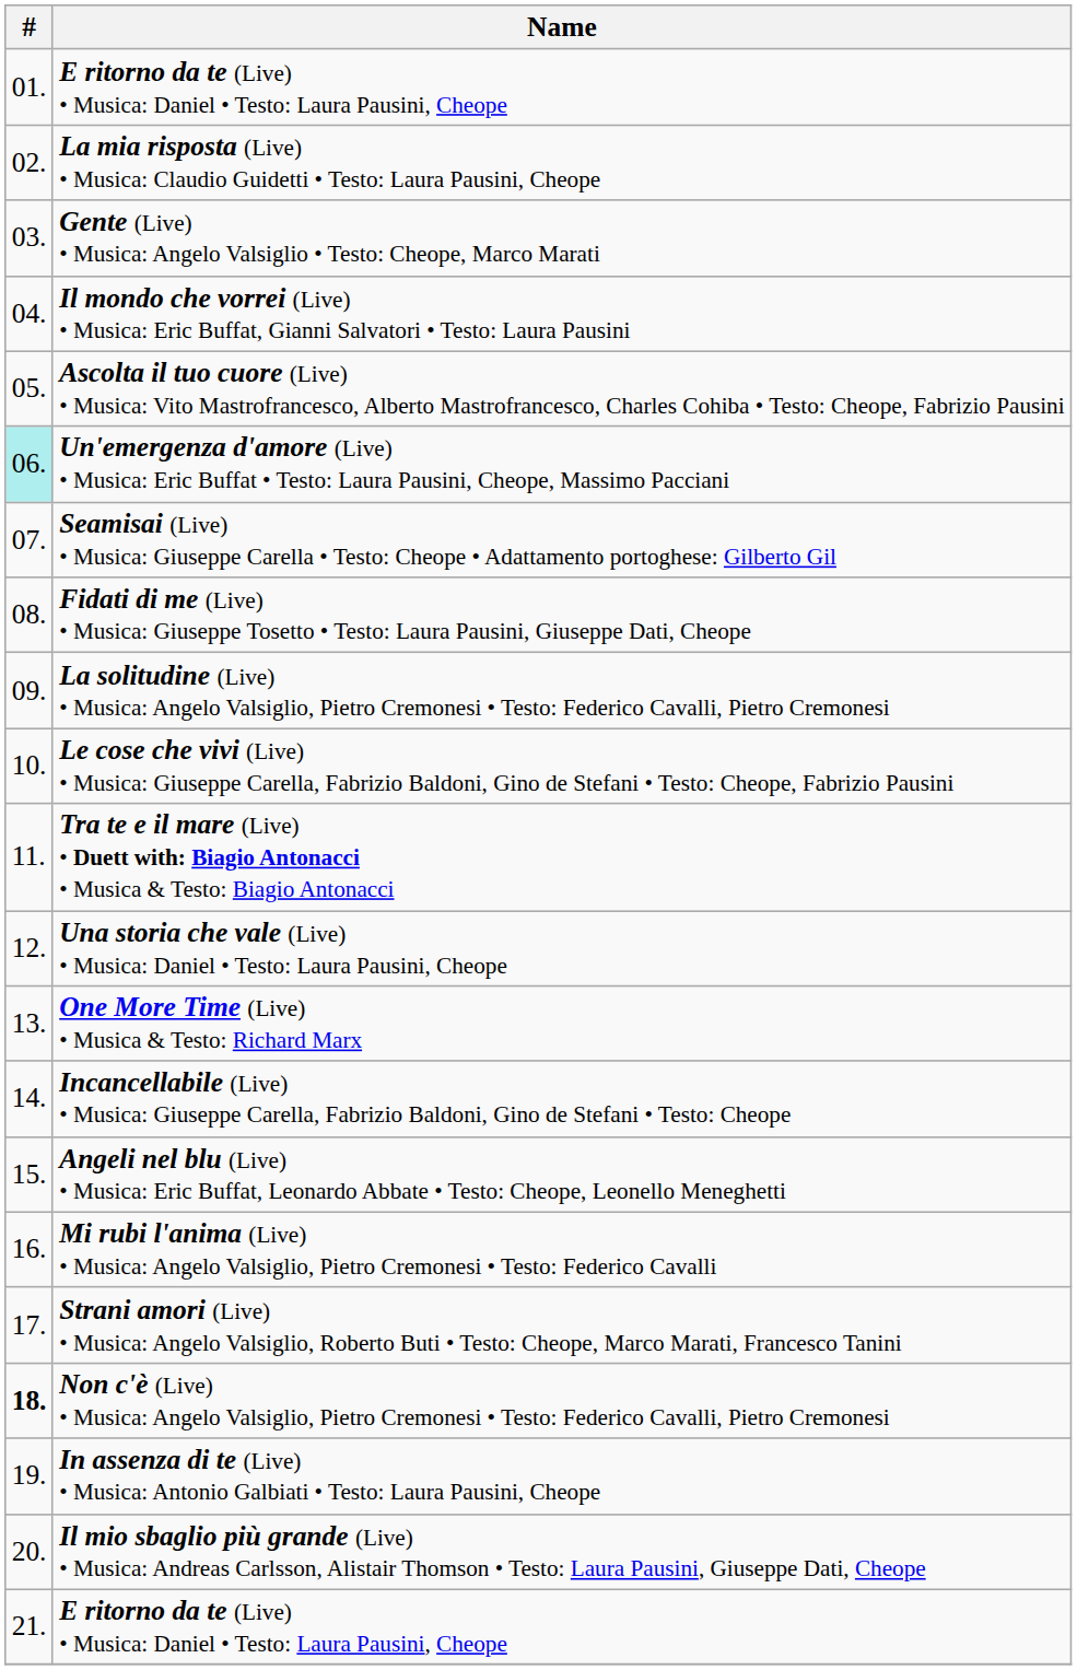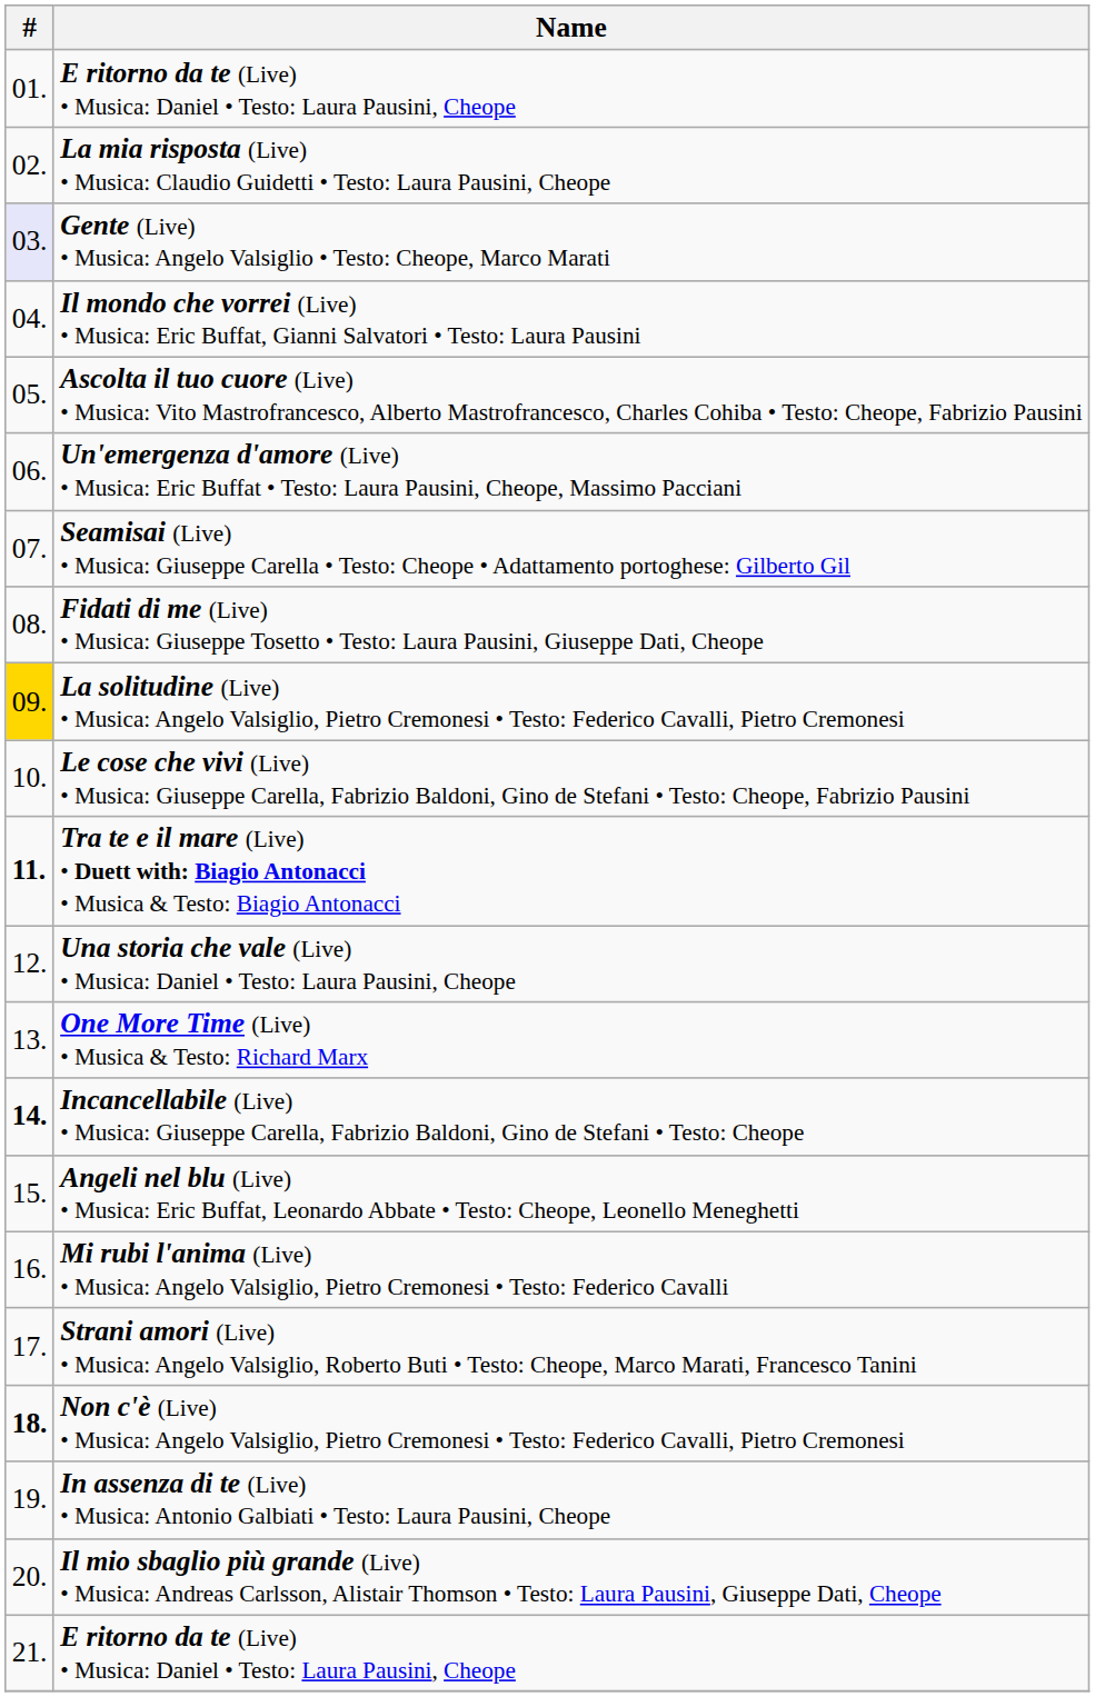 <table class="wikitable">
 <tr>
 <th>#</th>
 <th>Name</th>
 </tr>
 <tr>
 <td>01.</td>
 <td><strong><em>E ritorno da te</em></strong> <small>(Live)</small><br><small>• Musica: Daniel • Testo: Laura Pausini, <a href='#'>Cheope</a></small></td>
 </tr>
 <tr>
 <td>02.</td>
 <td><strong><em>La mia risposta</em></strong> <small>(Live)</small><br><small>• Musica: Claudio Guidetti • Testo: Laura Pausini, Cheope</small></td>
 </tr>
 <tr>
-<td>03.</td>
+<td style="background: lavender;">03.</td>
 <td><strong><em>Gente</em></strong> <small>(Live)</small><br><small>• Musica: Angelo Valsiglio • Testo: Cheope, Marco Marati</small></td>
 </tr>
 <tr>
 <td>04.</td>
 <td><strong><em>Il mondo che vorrei</em></strong> <small>(Live)</small><br><small>• Musica: Eric Buffat, Gianni Salvatori • Testo: Laura Pausini</small></td>
 </tr>
 <tr>
 <td>05.</td>
 <td><strong><em>Ascolta il tuo cuore</em></strong> <small>(Live)</small><br><small>• Musica: Vito Mastrofrancesco, Alberto Mastrofrancesco, Charles Cohiba • Testo: Cheope, Fabrizio Pausini</small></td>
 </tr>
 <tr>
-<td style="background: paleturquoise;">06.</td>
+<td>06.</td>
 <td><strong><em>Un'emergenza d'amore</em></strong> <small>(Live)</small><br><small>• Musica: Eric Buffat • Testo: Laura Pausini, Cheope, Massimo Pacciani</small></td>
 </tr>
 <tr>
 <td>07.</td>
 <td><strong><em>Seamisai</em></strong> <small>(Live)</small><br><small>• Musica: Giuseppe Carella • Testo: Cheope • Adattamento portoghese: <a href='#'>Gilberto Gil</a></small></td>
 </tr>
 <tr>
 <td>08.</td>
 <td><strong><em>Fidati di me</em></strong> <small>(Live)</small><br><small>• Musica: Giuseppe Tosetto • Testo: Laura Pausini, Giuseppe Dati, Cheope</small></td>
 </tr>
 <tr>
-<td>09.</td>
+<td style="background: gold;">09.</td>
 <td><strong><em>La solitudine</em></strong> <small>(Live)</small><br><small>• Musica: Angelo Valsiglio, Pietro Cremonesi • Testo: Federico Cavalli, Pietro Cremonesi </small></td>
 </tr>
 <tr>
 <td>10.</td>
 <td><strong><em>Le cose che vivi</em></strong> <small>(Live)</small><br><small>• Musica: Giuseppe Carella, Fabrizio Baldoni, Gino de Stefani • Testo: Cheope, Fabrizio Pausini</small></td>
 </tr>
 <tr>
-<td>11.</td>
+<td><strong>11.</strong></td>
 <td><strong><em>Tra te e il mare</em></strong> <small>(Live)</small><br><small>• <strong>Duett with: <a href='#'>Biagio Antonacci</a></strong></small><br> <small>• Musica & Testo: <a href='#'>Biagio Antonacci</a></small></td>
 </tr>
 <tr>
 <td>12.</td>
 <td><strong><em>Una storia che vale</em></strong> <small>(Live)</small><br><small>• Musica: Daniel • Testo: Laura Pausini, Cheope</small></td>
 </tr>
 <tr>
 <td>13.</td>
 <td><strong><em><a href='#'>One More Time</a></em></strong> <small>(Live)</small><br><small>• Musica & Testo: <a href='#'>Richard Marx</a></small></td>
 </tr>
 <tr>
-<td>14.</td>
+<td><strong>14.</strong></td>
 <td><strong><em>Incancellabile</em></strong> <small>(Live)</small><br><small>• Musica: Giuseppe Carella, Fabrizio Baldoni, Gino de Stefani • Testo: Cheope</small></td>
 </tr>
 <tr>
 <td>15.</td>
 <td><strong><em>Angeli nel blu</em></strong> <small>(Live)</small><br><small>• Musica: Eric Buffat, Leonardo Abbate • Testo: Cheope,  Leonello Meneghetti</small></td>
 </tr>
 <tr>
 <td>16.</td>
 <td><strong><em>Mi rubi l'anima</em></strong> <small>(Live)</small><br><small>• Musica: Angelo Valsiglio, Pietro Cremonesi • Testo: Federico Cavalli</small></td>
 </tr>
 <tr>
 <td>17.</td>
 <td><strong><em>Strani amori</em></strong> <small>(Live)</small><br><small>• Musica: Angelo Valsiglio, Roberto Buti • Testo: Cheope, Marco Marati, Francesco Tanini</small></td>
 </tr>
 <tr>
 <td><strong>18.</strong></td>
 <td><strong><em>Non c'è</em></strong> <small>(Live)</small><br><small>• Musica: Angelo Valsiglio, Pietro Cremonesi • Testo: Federico Cavalli, Pietro Cremonesi</small></td>
 </tr>
 <tr>
 <td>19.</td>
 <td><strong><em>In assenza di te</em></strong> <small>(Live)</small><br><small>• Musica: Antonio Galbiati • Testo: Laura Pausini, Cheope</small></td>
 </tr>
 <tr>
 <td>20.</td>
 <td><strong><em>Il mio sbaglio più grande</em></strong> <small>(Live)</small><br><small>• Musica: Andreas Carlsson, Alistair Thomson • Testo: <a href='#'>Laura Pausini</a>, Giuseppe Dati, <a href='#'>Cheope</a></small></td>
 </tr>
 <tr>
 <td>21.</td>
 <td><strong><em>E ritorno da te</em></strong> <small>(Live)</small><br><small>• Musica: Daniel • Testo: <a href='#'>Laura Pausini</a>, <a href='#'>Cheope</a></small></td>
 </tr>
 <tr>
 </tr>
 </table>
